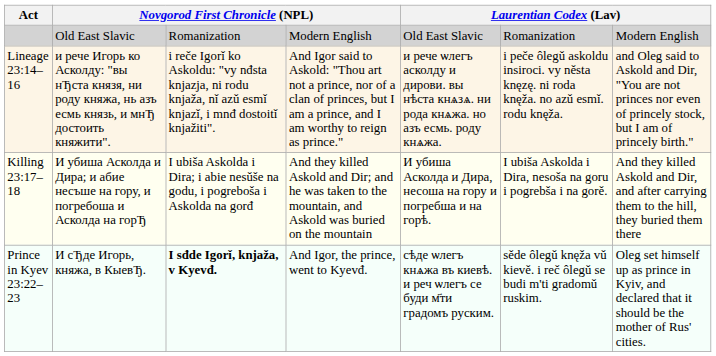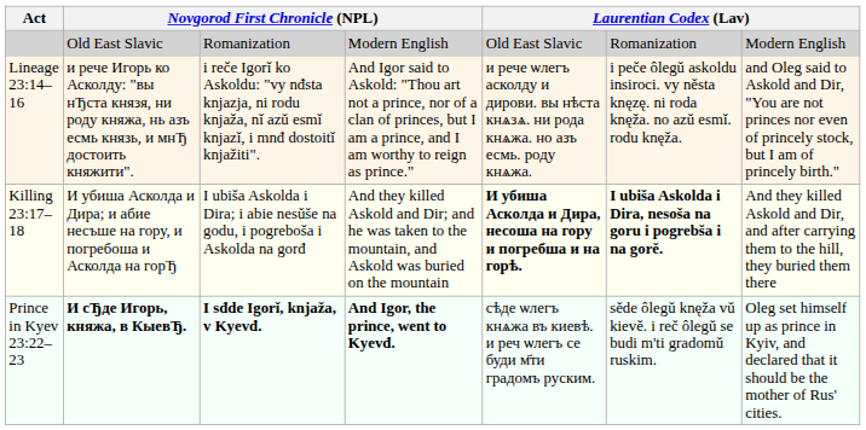 <table class="wikitable" align="left" width="100%">
 <tr>
 <th>Act</th>
 <th colspan="3"><em><a href='#'>Novgorod First Chronicle</a></em> (NPL)</th>
 <th colspan="3"><em><a href='#'>Laurentian Codex</a></em> (Lav)</th>
 </tr>
 <tr style="background-color:lightgrey;" valign="top">
 <td></td>
 <td>Old East Slavic</td>
 <td>Romanization</td>
 <td>Modern English</td>
 <td>Old East Slavic</td>
 <td>Romanization</td>
 <td>Modern English</td>
 </tr>
 <tr style="background-color:OldLace;" valign="top">
 <td>Lineage<br>23:14–16</td>
 <td>и рече Игорь ко Асколду: "вы нЂста князя, ни роду княжа, нь азъ есмь князь, и мнЂ достоить  княжити".</td>
 <td>i reče Igorǐ ko Askoldu: "vy nđsta knjazja, ni rodu knjaža, nǐ azǔ esmǐ knjazǐ, i mnđ dostoitǐ knjažiti".</td>
 <td>And Igor said to Askold: "Thou art not a prince, nor of a clan of princes, but I am a prince, and I am worthy to reign as prince."</td>
 <td>и рече ѡлегъ асколду и дирови. вы нѣста кнѧзѧ. ни рода кнѧжа. но азъ есмь. роду кнѧжа.</td>
 <td>i peče ôlegǔ askoldu insiroci. vy něsta knęzę. ni roda knęža. no azǔ esmǐ. rodu knęža.</td>
 <td>and Oleg said to Askold and Dir, "You are not princes nor even of princely stock, but I am of princely birth."</td>
 </tr>
 <tr valign="top" style="background-color:Ivory;">
 <td>Killing<br>23:17–18</td>
 <td>И убиша Асколда и Дира; и абие несъше на гору, и погребоша и Асколда на горЂ</td>
 <td>I ubiša Askolda i Dira; i abie nesǔše na godu, i pogreboša i Askolda na gorđ</td>
 <td>And they killed Askold and Dir; and he was taken to the mountain, and Askold was buried on the mountain</td>
-<td>И убиша Асколда и Дира, несоша на гору и погребша и на горѣ.</td>
-<td>I ubiša Askolda i Dira, nesoša na goru i pogrebša i na gorě.</td>
+<td><strong>И убиша Асколда и Дира, несоша на гору и погребша и на горѣ.</strong></td>
+<td><strong>I ubiša Askolda i Dira, nesoša na goru i pogrebša i na gorě.</strong></td>
 <td>And they killed Askold and Dir, and after carrying them to the hill, they buried them there</td>
 </tr>
 <tr valign="top" style="background-color:MintCream;">
 <td>Prince<br>in Kyev<br>23:22–23</td>
-<td>И сЂде Игорь, княжа, в КыевЂ.</td>
+<td><strong>И сЂде Игорь, княжа, в КыевЂ.</strong></td>
 <td><strong>I sđde Igorǐ, knjaža, v Kyevđ.</strong></td>
-<td>And Igor, the prince, went to Kyevđ.</td>
+<td><strong>And Igor, the prince, went to Kyevđ.</strong></td>
 <td>сѣде ѡлегъ кнѧжа въ киевѣ. и реч ѡлегъ се буди м҃ти градомъ руским.</td>
 <td>sěde ôlegǔ knęža vǔ kievě. i reč ôlegǔ se budi m'ti gradomǔ ruskim.</td>
 <td>Oleg set himself up as prince in Kyiv, and declared that it should be the mother of Rus' cities.</td>
 </tr>
 </table>
